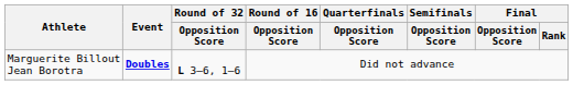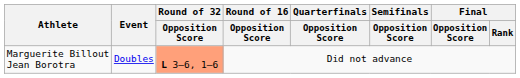 <table class=wikitable style="font-size:90%">
 <tr>
 <th rowspan=2>Athlete</th>
 <th rowspan=2>Event</th>
 <th>Round of 32</th>
 <th>Round of 16</th>
 <th>Quarterfinals</th>
 <th>Semifinals</th>
 <th colspan=2>Final</th>
 </tr>
 <tr style="font-size:95%">
 <th>Opposition<br>Score</th>
 <th>Opposition<br>Score</th>
 <th>Opposition<br>Score</th>
 <th>Opposition<br>Score</th>
 <th>Opposition<br>Score</th>
 <th>Rank</th>
 </tr>
 <tr align=center>
 <td align=left>Marguerite Billout <br> Jean Borotra</td>
-<td align=left><strong><a href='#'>Doubles</a></strong></td>
-<td> <br> <strong>L</strong> 3–6, 1–6</td>
+<td align=left><a href='#'>Doubles</a></td>
+<td style="background: lightsalmon;"> <br> <strong>L</strong> 3–6, 1–6</td>
 <td colspan=5>Did not advance</td>
 </tr>
 </table>
